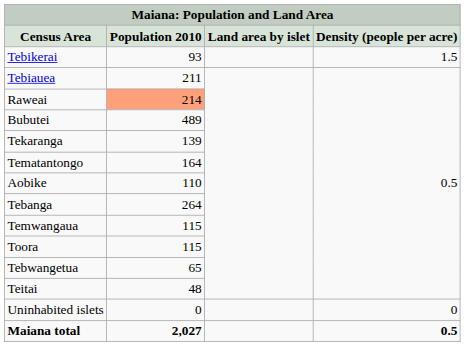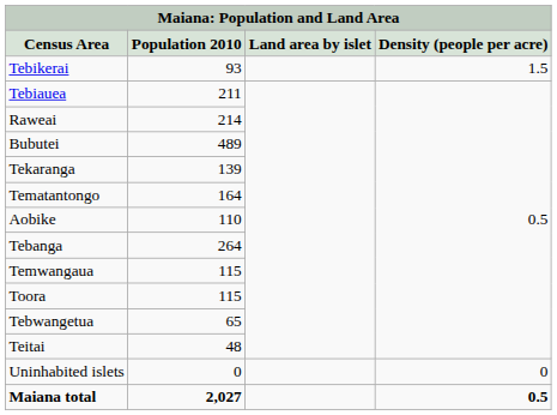 <table class="wikitable">
 <tr>
 <th colspan=4 style="background-color: #C1CDC1;">Maiana: Population and Land Area</th>
 </tr>
 <tr>
 <th style="background-color: #D8E4D8;">Census Area</th>
 <th style="background-color: #D8E4D8;">Population 2010</th>
 <th style="background-color: #D8E4D8;">Land area by islet</th>
 <th style="background-color: #D8E4D8;">Density (people per acre)</th>
 </tr>
 <tr>
 <td><a href='#'>Tebikerai</a></td>
 <td style="text-align: right;">93</td>
 <td style="text-align: right;"></td>
 <td style="text-align: right;">1.5</td>
 </tr>
 <tr>
 <td><a href='#'>Tebiauea</a></td>
 <td style="text-align: right;">211</td>
 <td rowspan="11" style="text-align: right;"></td>
 <td rowspan="11" style="text-align: right;">0.5</td>
 </tr>
 <tr>
 <td>Raweai</td>
-<td style="background: lightsalmon; text-align: right;">214</td>
+<td style="text-align: right;">214</td>
 </tr>
 <tr>
 <td>Bubutei</td>
 <td style="text-align: right;">489</td>
 </tr>
 <tr>
 <td>Tekaranga</td>
 <td style="text-align: right;">139</td>
 </tr>
 <tr>
 <td>Tematantongo</td>
 <td style="text-align: right;">164</td>
 </tr>
 <tr>
 <td>Aobike</td>
 <td style="text-align: right;">110</td>
 </tr>
 <tr>
 <td>Tebanga</td>
 <td style="text-align: right;">264</td>
 </tr>
 <tr>
 <td>Temwangaua</td>
 <td style="text-align: right;">115</td>
 </tr>
 <tr>
 <td>Toora</td>
 <td style="text-align: right;">115</td>
 </tr>
 <tr>
 <td>Tebwangetua</td>
 <td style="text-align: right;">65</td>
 </tr>
 <tr>
 <td>Teitai</td>
 <td style="text-align: right;">48</td>
 </tr>
 <tr>
 <td>Uninhabited islets</td>
 <td style="text-align: right;">0</td>
 <td style="text-align: right;"></td>
 <td style="text-align: right;">0</td>
 </tr>
 <tr>
 <td style="font-weight: bold;">Maiana total</td>
 <td style="text-align: right; font-weight: bold;">2,027</td>
 <td style="text-align: right; font-weight: bold;"></td>
 <td style="text-align: right; font-weight: bold;">0.5</td>
 </tr>
 </table>
